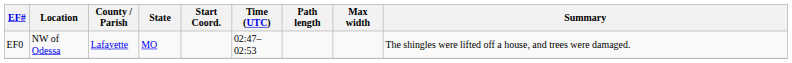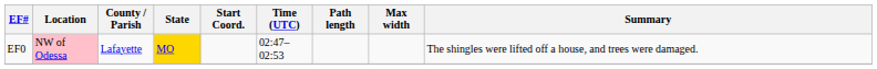 <table class="wikitable sortable" style="width:100%;">
 <tr>
 <th scope="col"  style="width:3%; text-align:center;"><a href='#'>EF#</a></th>
 <th scope="col"  style="width:7%; text-align:center;" class="unsortable">Location</th>
 <th scope="col"  style="width:6%; text-align:center;" class="unsortable">County / Parish</th>
 <th scope="col"  style="width:5%; text-align:center;">State</th>
 <th scope="col"  style="width:6%; text-align:center;">Start Coord.</th>
 <th scope="col"  style="width:6%; text-align:center;">Time (<a href='#'>UTC</a>)</th>
 <th scope="col"  style="width:6%; text-align:center;">Path length</th>
 <th scope="col"  style="width:6%; text-align:center;">Max width</th>
 <th scope="col" class="unsortable" style="width:48%; text-align:center;">Summary</th>
 </tr>
 <tr>
 <td>EF0</td>
-<td>NW of <a href='#'>Odessa</a></td>
+<td style="background: pink;">NW of <a href='#'>Odessa</a></td>
 <td><a href='#'>Lafayette</a></td>
-<td><a href='#'>MO</a></td>
+<td style="background: gold;"><a href='#'>MO</a></td>
 <td></td>
 <td>02:47–02:53</td>
 <td></td>
 <td></td>
 <td>The shingles were lifted off a house, and trees were damaged.</td>
 </tr>
 <tr>
 </tr>
 </table>
